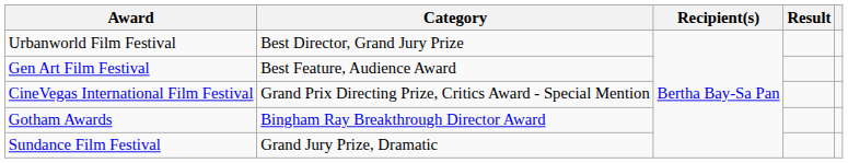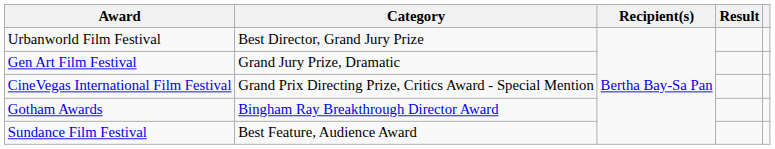 <table class="wikitable plainrowheaders sortable">
 <tr>
 <th scope="col">Award</th>
 <th scope="col">Category</th>
 <th scope="col">Recipient(s)</th>
 <th scope="col">Result</th>
 <th scope="col"></th>
 </tr>
 <tr>
 <td rowspan=1>Urbanworld Film Festival</td>
 <td>Best Director, Grand Jury Prize</td>
 <td rowspan=5><a href='#'>Bertha Bay-Sa Pan</a></td>
 <td></td>
 <td align="center"></td>
 </tr>
 <tr>
 <td rowspan=1><a href='#'>Gen Art Film Festival</a></td>
-<td>Best Feature, Audience Award</td>
+<td>Grand Jury Prize, Dramatic</td>
 <td></td>
 <td align="center"></td>
 </tr>
 <tr>
 <td rowspan="1"><a href='#'>CineVegas International Film Festival</a></td>
 <td>Grand Prix Directing Prize, Critics Award - Special Mention</td>
 <td></td>
 <td align="center"></td>
 </tr>
 <tr>
 <td rowspan="1'"><a href='#'>Gotham Awards</a></td>
 <td><a href='#'>Bingham Ray Breakthrough Director Award</a></td>
 <td></td>
 <td align="center"></td>
 </tr>
 <tr>
 <td rowspan="1'"><a href='#'>Sundance Film Festival</a></td>
-<td>Grand Jury Prize, Dramatic</td>
+<td>Best Feature, Audience Award</td>
 <td></td>
 <td align="center"></td>
 </tr>
 </table>
